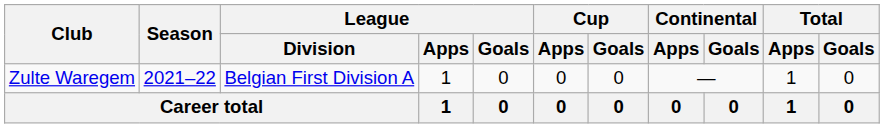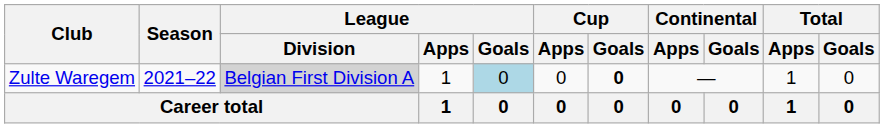 <table class="wikitable" Style="text-align: center">
 <tr>
 <th rowspan="2">Club</th>
 <th rowspan="2">Season</th>
 <th colspan="3">League</th>
 <th colspan="2">Cup</th>
 <th colspan="2">Continental</th>
 <th colspan="2">Total</th>
 </tr>
 <tr>
 <th>Division</th>
 <th>Apps</th>
 <th>Goals</th>
 <th>Apps</th>
 <th>Goals</th>
 <th>Apps</th>
 <th>Goals</th>
 <th>Apps</th>
 <th>Goals</th>
 </tr>
 <tr>
 <td rowspan="1"><a href='#'>Zulte Waregem</a></td>
 <td><a href='#'>2021–22</a></td>
-<td rowspan="1"><a href='#'>Belgian First Division A</a></td>
+<td rowspan="1" style="background: lightgrey;"><a href='#'>Belgian First Division A</a></td>
 <td>1</td>
+<td style="background: lightblue;">0</td>
 <td>0</td>
-<td>0</td>
-<td>0</td>
+<td><strong>0</strong></td>
 <td colspan="2">—</td>
 <td>1</td>
 <td>0</td>
 </tr>
 <tr>
 <th colspan="3">Career total</th>
 <th>1</th>
 <th>0</th>
 <th>0</th>
 <th>0</th>
 <th>0</th>
 <th>0</th>
 <th>1</th>
 <th>0</th>
 </tr>
 </table>
